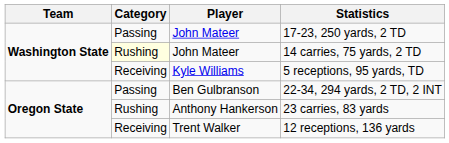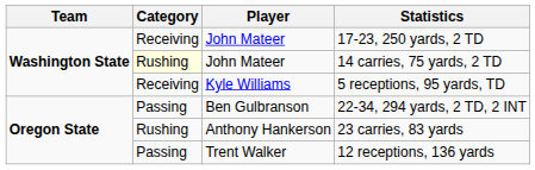 <table class="wikitable" style="float: right;">
 <tr>
 <th>Team</th>
 <th>Category</th>
 <th>Player</th>
 <th>Statistics</th>
 </tr>
 <tr>
 <td rowspan=3><strong>Washington State</strong></td>
-<td>Passing</td>
+<td>Receiving</td>
 <td><a href='#'>John Mateer</a></td>
 <td>17-23, 250 yards, 2 TD</td>
 </tr>
 <tr>
 <td style="background: lightyellow;">Rushing</td>
 <td>John Mateer</td>
 <td>14 carries, 75 yards, 2 TD</td>
 </tr>
 <tr>
 <td>Receiving</td>
 <td><a href='#'>Kyle Williams</a></td>
 <td>5 receptions, 95 yards, TD</td>
 </tr>
 <tr>
 <td rowspan=3><strong>Oregon State</strong></td>
 <td>Passing</td>
 <td>Ben Gulbranson</td>
 <td>22-34, 294 yards, 2 TD, 2 INT</td>
 </tr>
 <tr>
 <td>Rushing</td>
 <td>Anthony Hankerson</td>
 <td>23 carries, 83 yards</td>
 </tr>
 <tr>
-<td>Receiving</td>
+<td>Passing</td>
 <td>Trent Walker</td>
 <td>12 receptions, 136 yards</td>
 </tr>
 </table>
